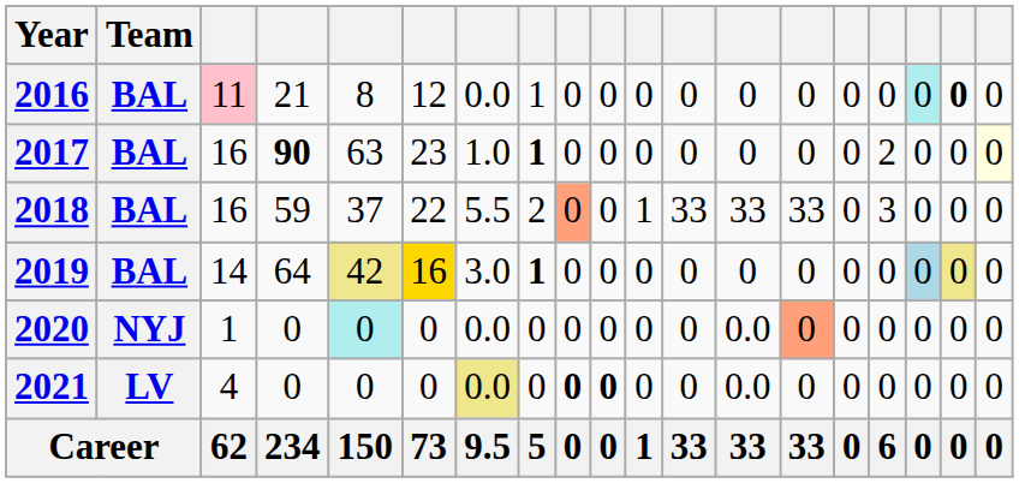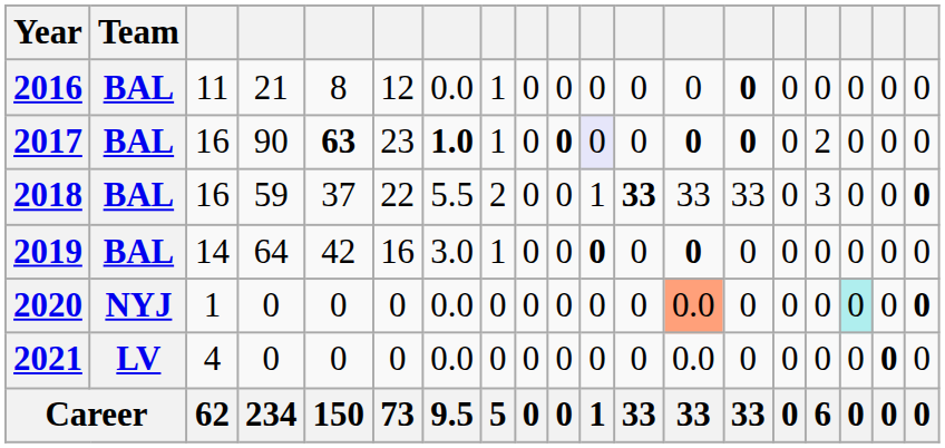 <table class="wikitable" style="text-align:center;">
 <tr>
 <th>Year</th>
 <th>Team</th>
 <th></th>
 <th></th>
 <th></th>
 <th></th>
 <th></th>
 <th></th>
 <th></th>
 <th></th>
 <th></th>
 <th></th>
 <th></th>
 <th></th>
 <th></th>
 <th></th>
 <th></th>
 <th></th>
 <th></th>
 </tr>
 <tr>
 <th><a href='#'>2016</a></th>
 <th><a href='#'>BAL</a></th>
-<td style="background: pink;">11</td>
+<td>11</td>
 <td>21</td>
 <td>8</td>
 <td>12</td>
 <td>0.0</td>
 <td>1</td>
 <td>0</td>
 <td>0</td>
 <td>0</td>
 <td>0</td>
 <td>0</td>
+<td><strong>0</strong></td>
 <td>0</td>
 <td>0</td>
 <td>0</td>
-<td style="background: paleturquoise;">0</td>
-<td><strong>0</strong></td>
+<td>0</td>
 <td>0</td>
 </tr>
 <tr>
 <th><a href='#'>2017</a></th>
 <th><a href='#'>BAL</a></th>
 <td>16</td>
-<td><strong>90</strong></td>
-<td>63</td>
+<td>90</td>
+<td><strong>63</strong></td>
 <td>23</td>
-<td>1.0</td>
-<td><strong>1</strong></td>
+<td><strong>1.0</strong></td>
+<td>1</td>
 <td>0</td>
+<td><strong>0</strong></td>
+<td style="background: lavender;">0</td>
 <td>0</td>
-<td>0</td>
-<td>0</td>
-<td>0</td>
-<td>0</td>
+<td><strong>0</strong></td>
+<td><strong>0</strong></td>
 <td>0</td>
 <td>2</td>
 <td>0</td>
 <td>0</td>
-<td style="background: lightyellow;">0</td>
+<td>0</td>
 </tr>
 <tr>
 <th><a href='#'>2018</a></th>
 <th><a href='#'>BAL</a></th>
 <td>16</td>
 <td>59</td>
 <td>37</td>
 <td>22</td>
 <td>5.5</td>
 <td>2</td>
-<td style="background: lightsalmon;">0</td>
+<td>0</td>
 <td>0</td>
 <td>1</td>
-<td>33</td>
+<td><strong>33</strong></td>
 <td>33</td>
 <td>33</td>
 <td>0</td>
 <td>3</td>
 <td>0</td>
 <td>0</td>
-<td>0</td>
+<td><strong>0</strong></td>
 </tr>
 <tr>
 <th><a href='#'>2019</a></th>
 <th><a href='#'>BAL</a></th>
 <td>14</td>
 <td>64</td>
-<td style="background: khaki;">42</td>
-<td style="background: gold;">16</td>
+<td>42</td>
+<td>16</td>
 <td>3.0</td>
-<td><strong>1</strong></td>
+<td>1</td>
+<td>0</td>
+<td>0</td>
+<td><strong>0</strong></td>
+<td>0</td>
+<td><strong>0</strong></td>
 <td>0</td>
 <td>0</td>
 <td>0</td>
 <td>0</td>
 <td>0</td>
-<td>0</td>
-<td>0</td>
-<td>0</td>
-<td style="background: lightblue;">0</td>
-<td style="background: khaki;">0</td>
 <td>0</td>
 </tr>
 <tr>
 <th><a href='#'>2020</a></th>
 <th><a href='#'>NYJ</a></th>
 <td>1</td>
 <td>0</td>
+<td>0</td>
+<td>0</td>
+<td>0.0</td>
+<td>0</td>
+<td>0</td>
+<td>0</td>
+<td>0</td>
+<td>0</td>
+<td style="background: lightsalmon;">0.0</td>
+<td>0</td>
+<td>0</td>
+<td>0</td>
 <td style="background: paleturquoise;">0</td>
+<td>0</td>
+<td><strong>0</strong></td>
+</tr>
+<tr>
+<th><a href='#'>2021</a></th>
+<th><a href='#'>LV</a></th>
+<td>4</td>
+<td>0</td>
+<td>0</td>
 <td>0</td>
 <td>0.0</td>
 <td>0</td>
 <td>0</td>
 <td>0</td>
 <td>0</td>
 <td>0</td>
 <td>0.0</td>
-<td style="background: lightsalmon;">0</td>
 <td>0</td>
 <td>0</td>
 <td>0</td>
 <td>0</td>
-<td>0</td>
-</tr>
-<tr>
-<th><a href='#'>2021</a></th>
-<th><a href='#'>LV</a></th>
-<td>4</td>
-<td>0</td>
-<td>0</td>
-<td>0</td>
-<td style="background: khaki;">0.0</td>
-<td>0</td>
 <td><strong>0</strong></td>
-<td><strong>0</strong></td>
-<td>0</td>
-<td>0</td>
-<td>0.0</td>
-<td>0</td>
-<td>0</td>
-<td>0</td>
-<td>0</td>
-<td>0</td>
 <td>0</td>
 </tr>
 <tr>
 <th colspan="2">Career</th>
 <th>62</th>
 <th>234</th>
 <th>150</th>
 <th>73</th>
 <th>9.5</th>
 <th>5</th>
 <th>0</th>
 <th>0</th>
 <th>1</th>
 <th>33</th>
 <th>33</th>
 <th>33</th>
 <th>0</th>
 <th>6</th>
 <th>0</th>
 <th>0</th>
 <th>0</th>
 </tr>
 </table>
